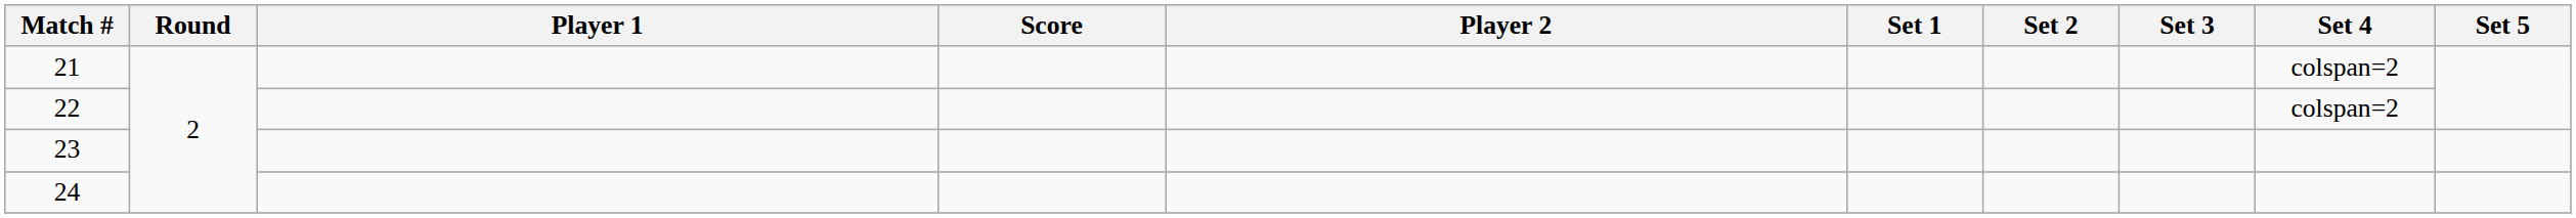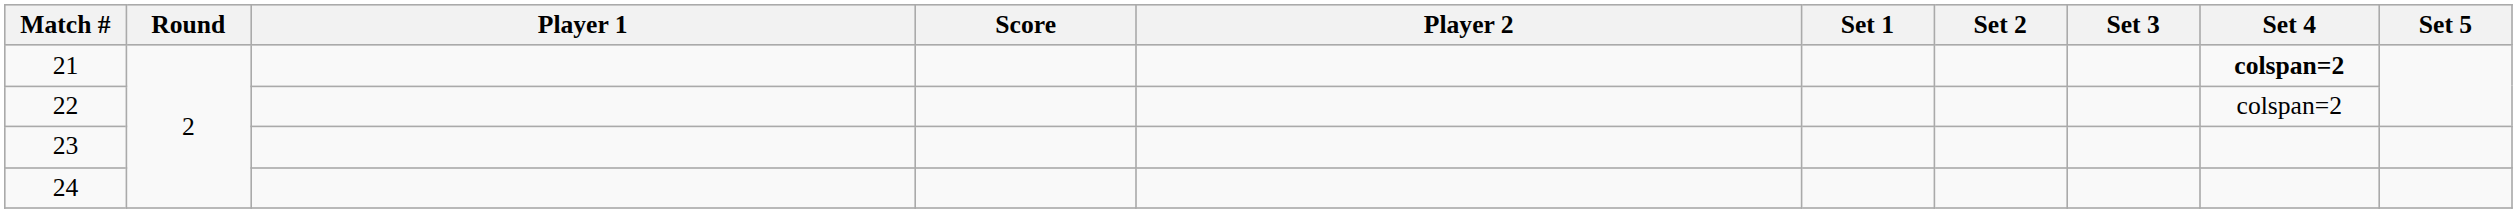 <table class="wikitable">
 <tr>
 <th width="2%">Match #</th>
 <th width="2%">Round</th>
 <th width="15%">Player 1</th>
 <th width="5%">Score</th>
 <th width="15%">Player 2</th>
 <th width="3%">Set 1</th>
 <th width="3%">Set 2</th>
 <th width="3%">Set 3</th>
 <th width="3%">Set 4</th>
 <th width="3%">Set 5</th>
 </tr>
 <tr style=text-align:center;>
 <td>21</td>
 <td rowspan=4>2</td>
 <td></td>
 <td></td>
 <td></td>
 <td></td>
 <td></td>
 <td></td>
-<td>colspan=2</td>
+<td><strong>colspan=2</strong></td>
 </tr>
 <tr style=text-align:center;>
 <td>22</td>
 <td></td>
 <td></td>
 <td></td>
 <td></td>
 <td></td>
 <td></td>
 <td>colspan=2</td>
 </tr>
 <tr style=text-align:center;>
 <td>23</td>
 <td></td>
 <td></td>
 <td></td>
 <td></td>
 <td></td>
 <td></td>
 <td></td>
 <td></td>
 </tr>
 <tr style=text-align:center;>
 <td>24</td>
 <td></td>
 <td></td>
 <td></td>
 <td></td>
 <td></td>
 <td></td>
 <td></td>
 <td></td>
 </tr>
 </table>
